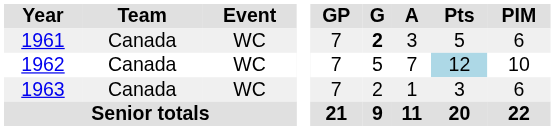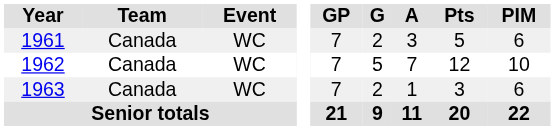 <table border="0" cellpadding="1" cellspacing="0" style="text-align:center; width:28em">
 <tr ALIGN="center" bgcolor="#e0e0e0">
 <th>Year</th>
 <th>Team</th>
 <th>Event</th>
 <th rowspan="99" bgcolor="#ffffff"> </th>
 <th>GP</th>
 <th>G</th>
 <th>A</th>
 <th>Pts</th>
 <th>PIM</th>
 </tr>
 <tr bgcolor="#f0f0f0">
 <td><a href='#'>1961</a></td>
 <td>Canada</td>
 <td>WC</td>
 <td>7</td>
-<td><strong>2</strong></td>
+<td>2</td>
 <td>3</td>
 <td>5</td>
 <td>6</td>
 </tr>
 <tr>
 <td><a href='#'>1962</a></td>
 <td>Canada</td>
 <td>WC</td>
 <td>7</td>
 <td>5</td>
 <td>7</td>
-<td style="background: lightblue;">12</td>
+<td>12</td>
 <td>10</td>
 </tr>
 <tr bgcolor="#f0f0f0">
 <td><a href='#'>1963</a></td>
 <td>Canada</td>
 <td>WC</td>
 <td>7</td>
 <td>2</td>
 <td>1</td>
 <td>3</td>
 <td>6</td>
 </tr>
 <tr bgcolor="#e0e0e0">
 <th colspan=3>Senior totals</th>
 <th>21</th>
 <th>9</th>
 <th>11</th>
 <th>20</th>
 <th>22</th>
 </tr>
 </table>
